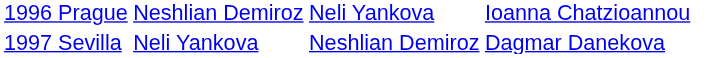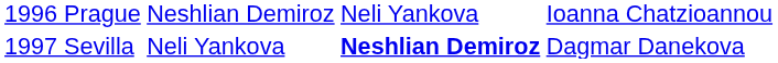 <table>
 <tr>
 <td><a href='#'>1996 Prague</a></td>
 <td> <a href='#'>Neshlian Demiroz</a></td>
 <td> <a href='#'>Neli Yankova</a></td>
 <td> <a href='#'>Ioanna Chatzioannou</a></td>
 </tr>
 <tr>
 <td><a href='#'>1997 Sevilla</a></td>
 <td> <a href='#'>Neli Yankova</a></td>
-<td> <a href='#'>Neshlian Demiroz</a></td>
+<td><strong> <a href='#'>Neshlian Demiroz</a></strong></td>
 <td> <a href='#'>Dagmar Danekova</a></td>
 </tr>
 </table>
